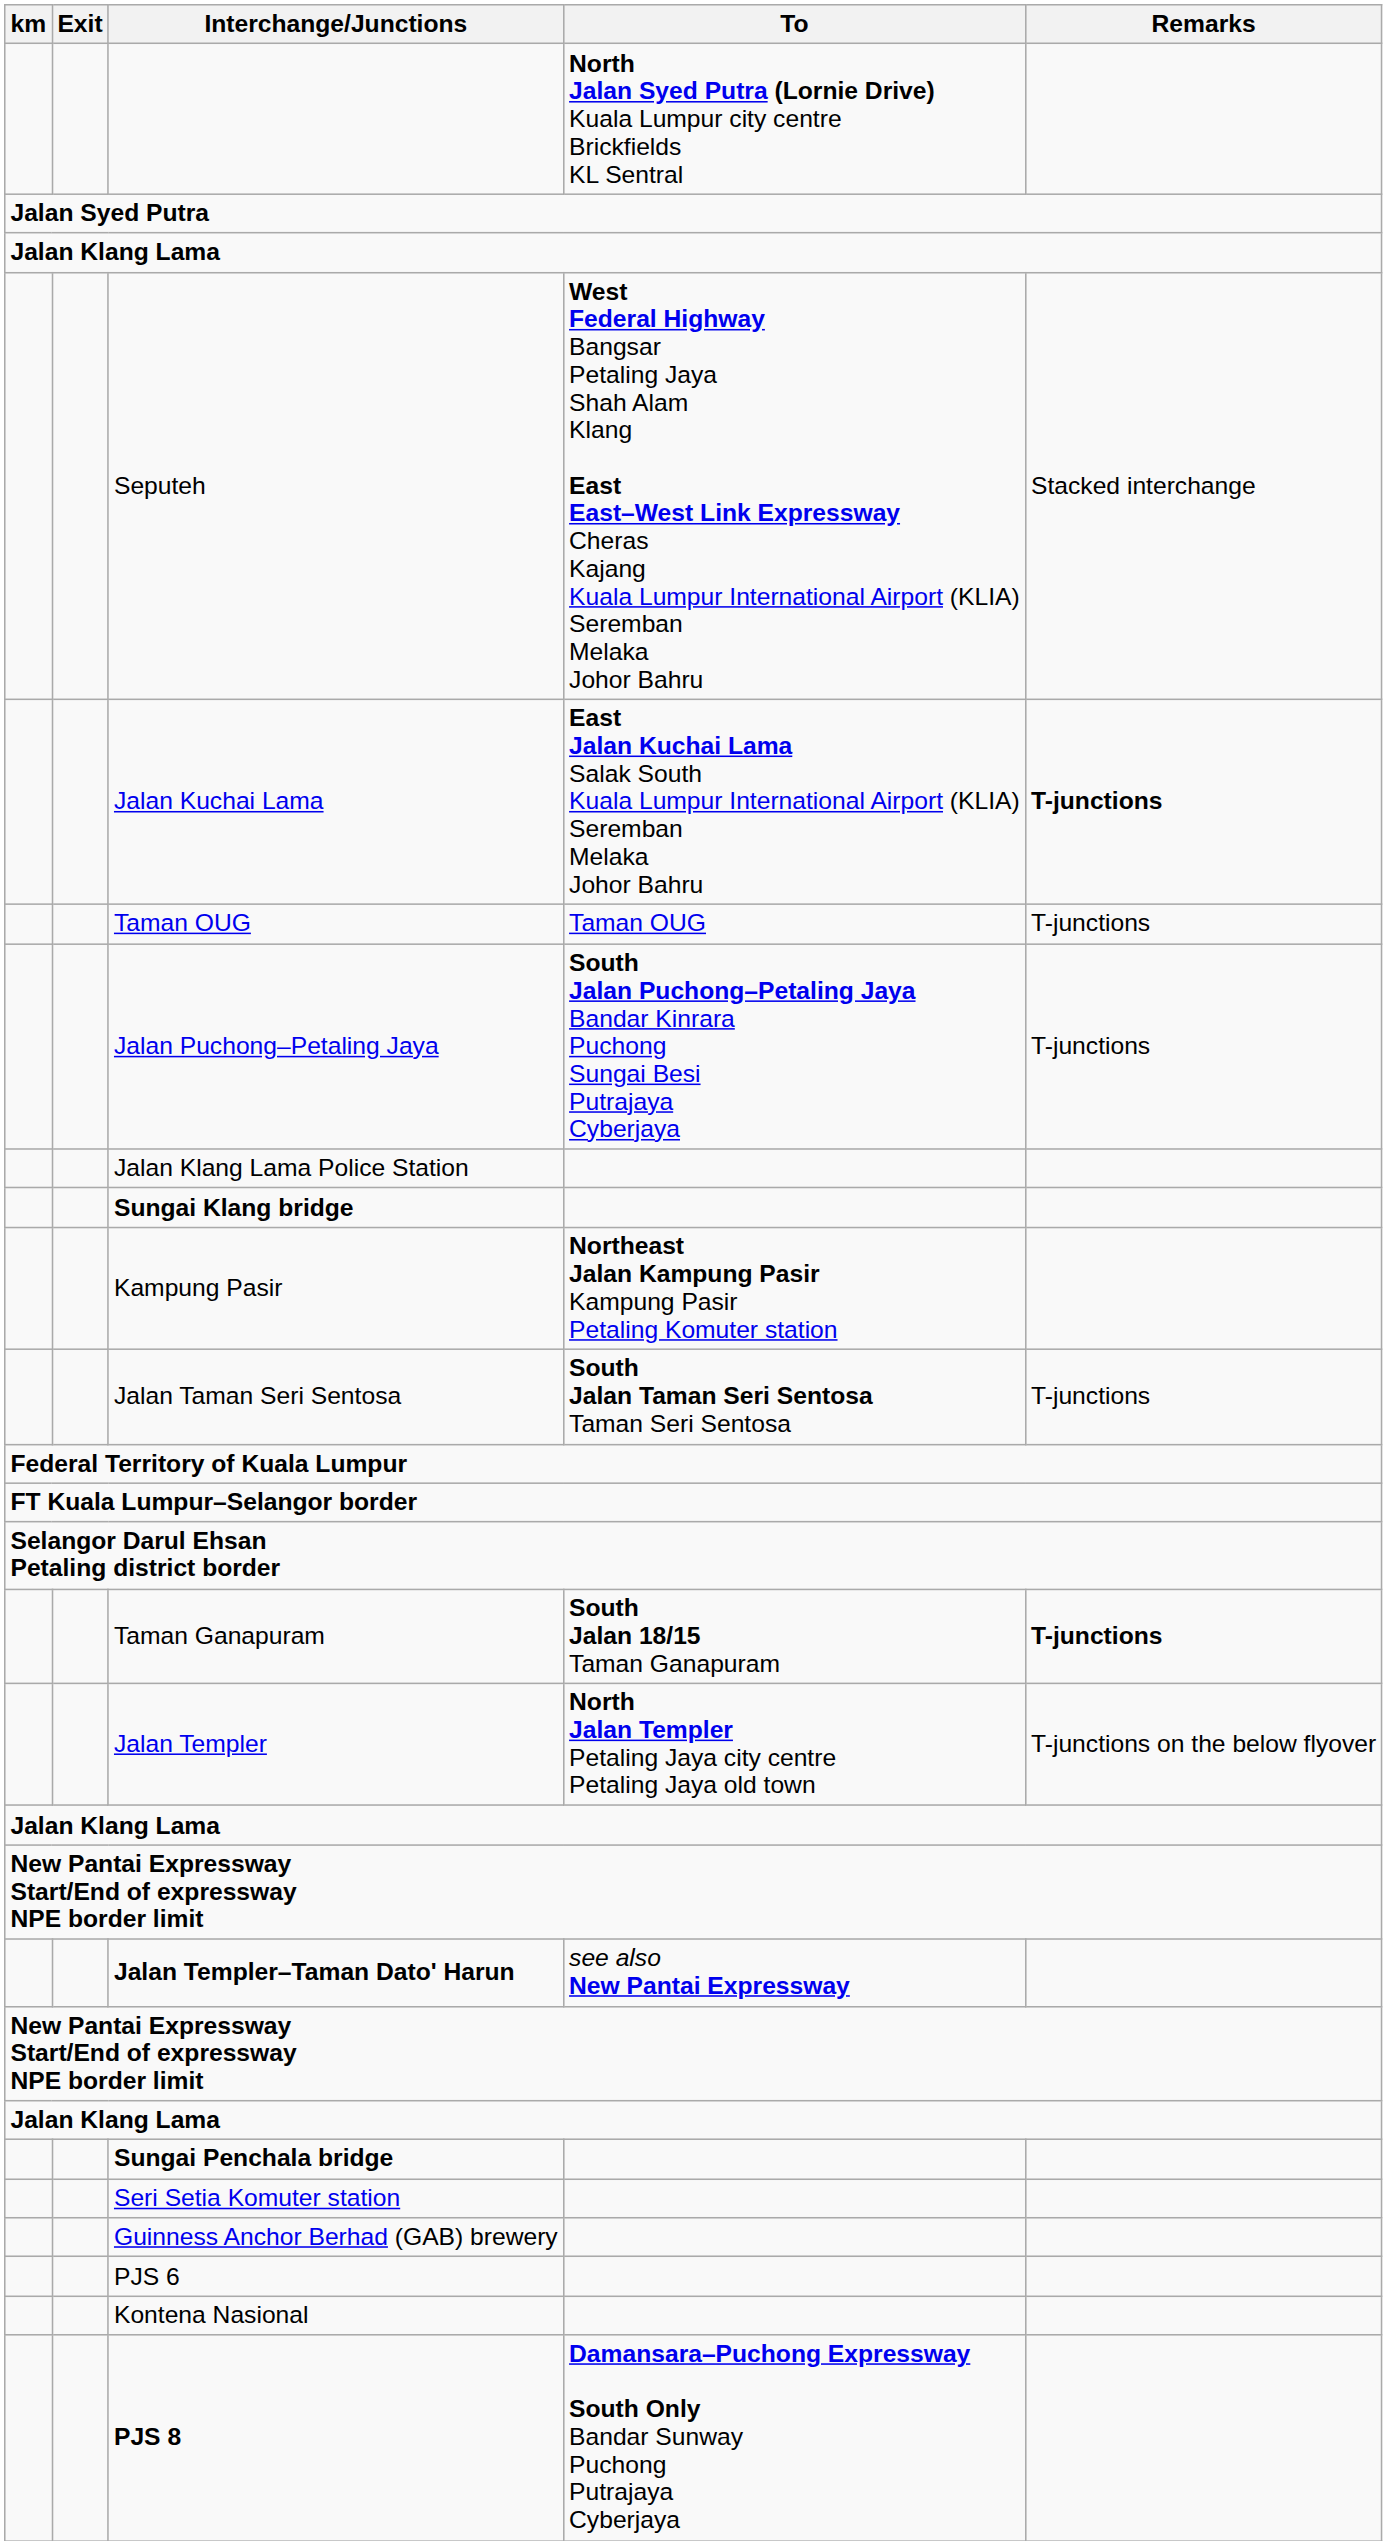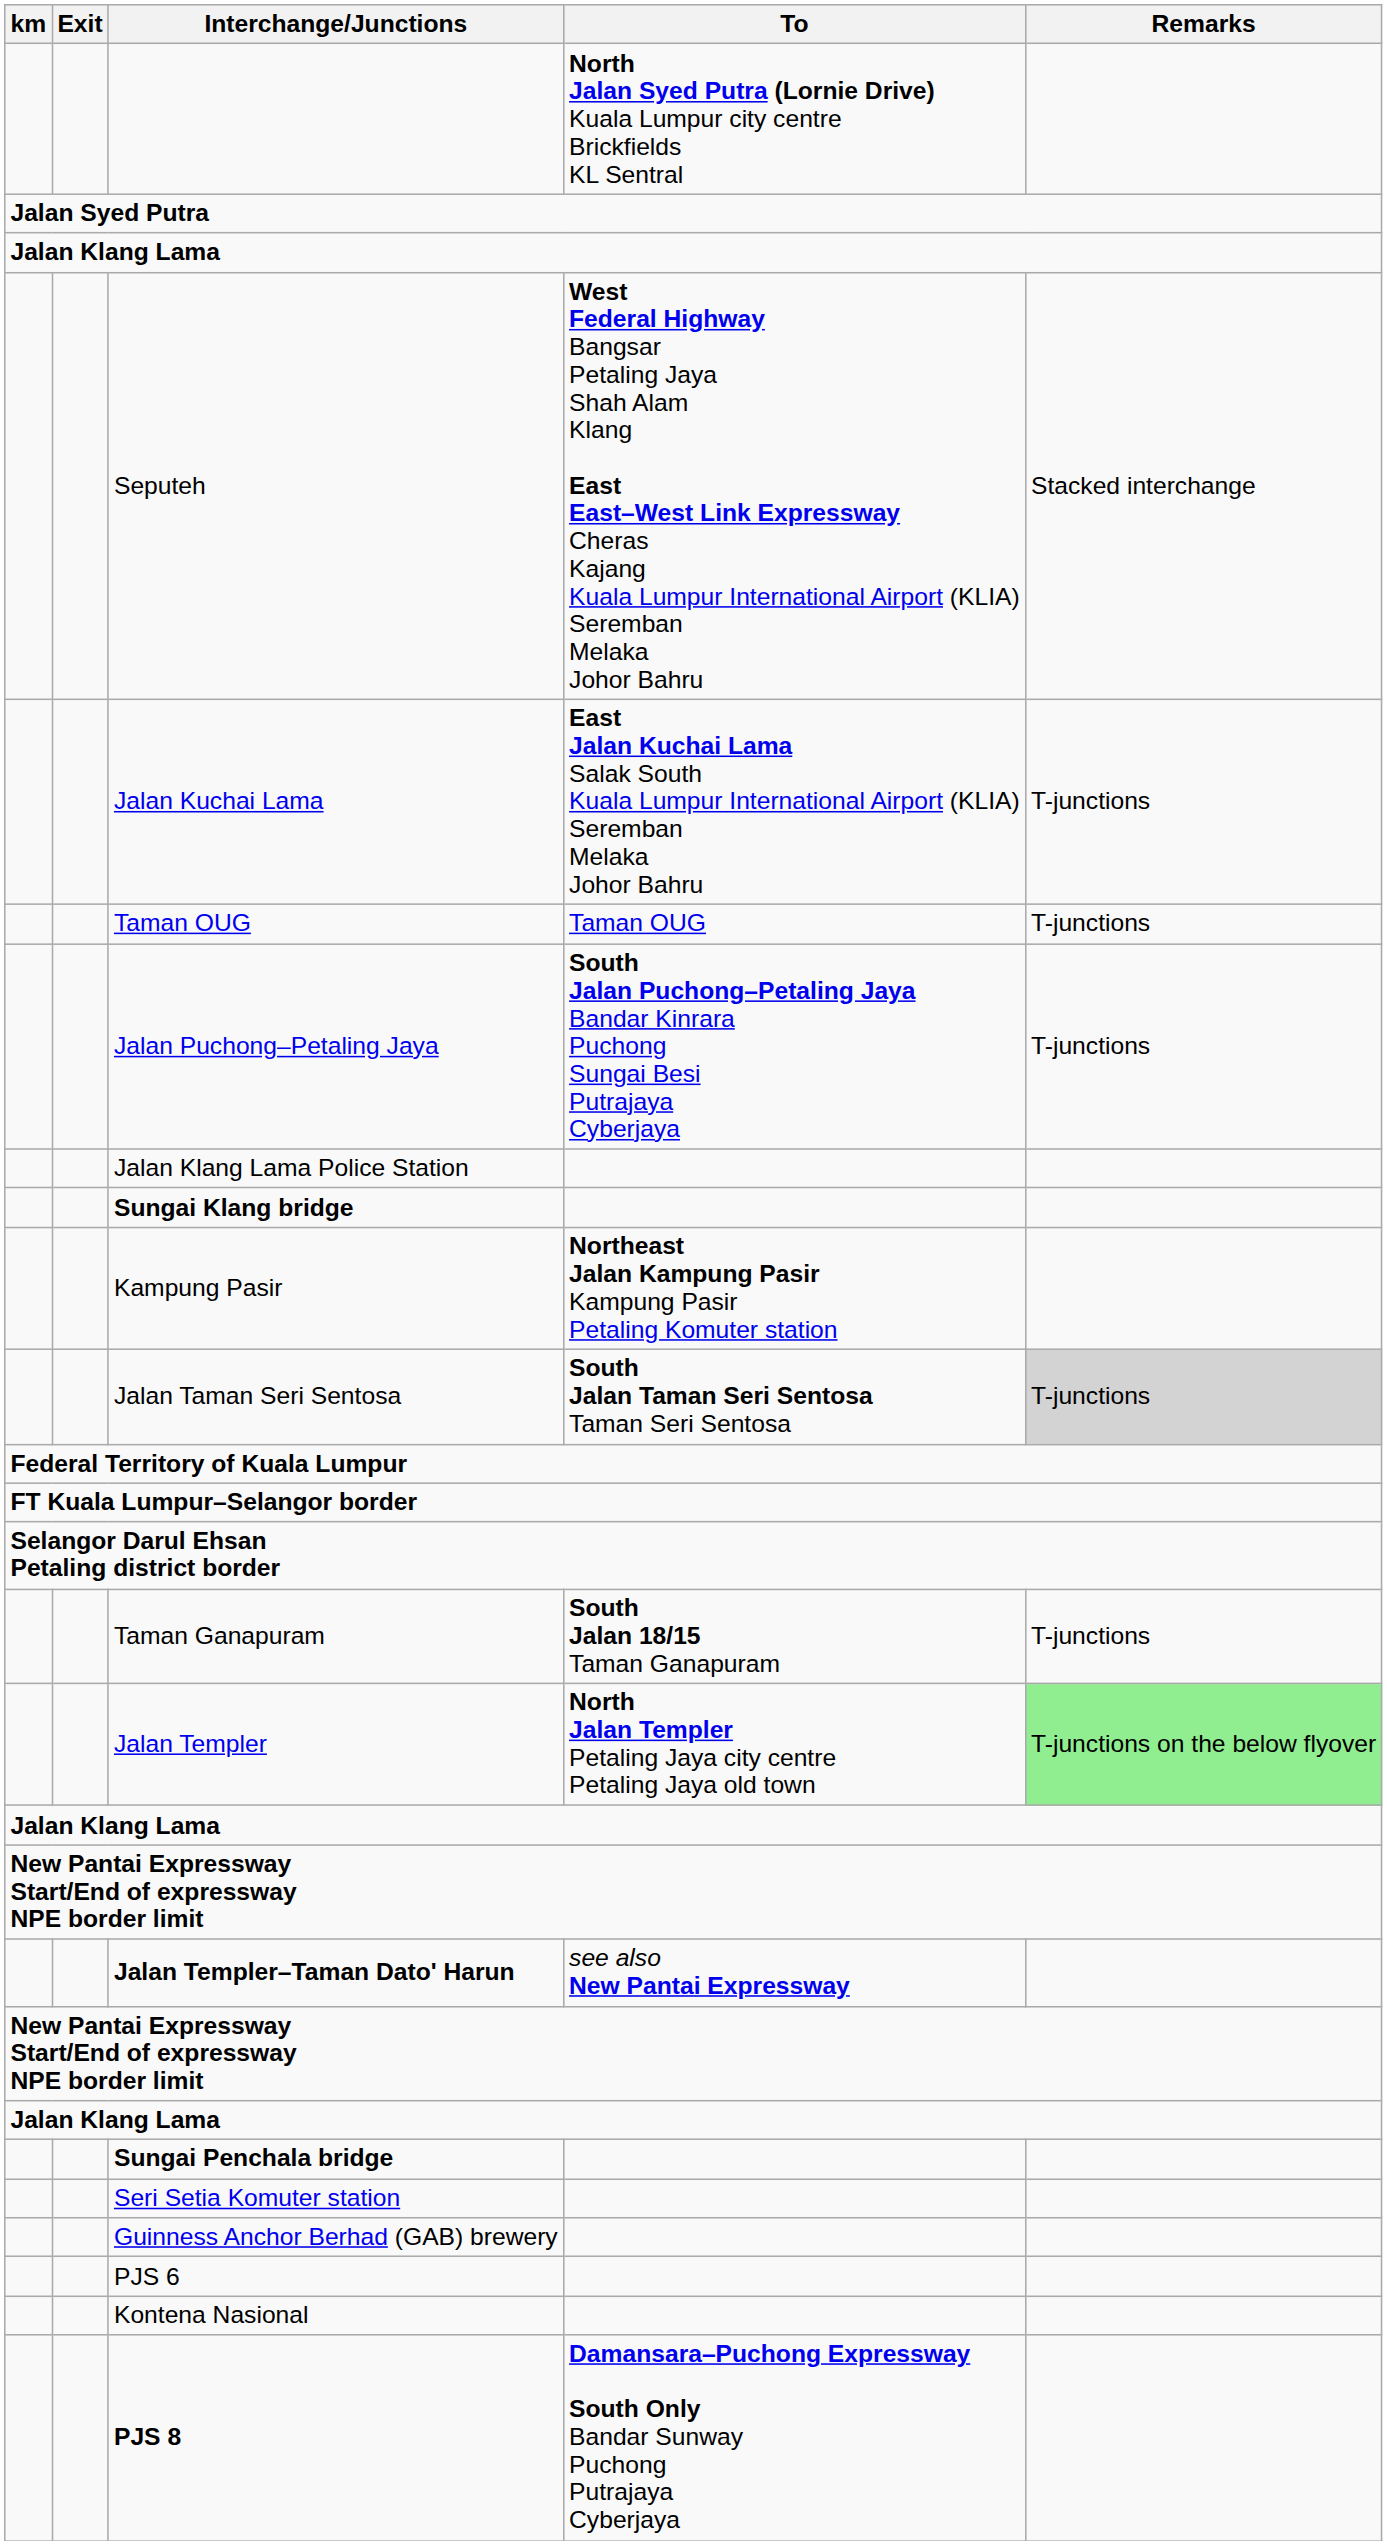 <table class="wikitable">
 <tr>
 <th>km</th>
 <th>Exit</th>
 <th>Interchange/Junctions</th>
 <th>To</th>
 <th>Remarks</th>
 </tr>
 <tr>
 <td></td>
 <td></td>
 <td></td>
 <td><strong>North</strong><br> <strong><a href='#'>Jalan Syed Putra</a> (Lornie Drive)</strong><br>Kuala Lumpur city centre<br>Brickfields<br>KL Sentral</td>
 <td></td>
 </tr>
 <tr>
 <td style="width:600px" colspan="6" style="text-align:center; background:blue;"><strong><span> Jalan Syed Putra</span></strong></td>
 </tr>
 <tr>
 <td style="width:600px" colspan="6" style="text-align:center; background:blue;"><strong><span> Jalan Klang Lama</span></strong></td>
 </tr>
 <tr>
 <td></td>
 <td></td>
 <td>Seputeh</td>
 <td><strong>West</strong><br> <strong><a href='#'>Federal Highway</a></strong><br>Bangsar<br>Petaling Jaya<br>Shah Alam<br>Klang<br><br><strong>East</strong><br> <strong><a href='#'>East–West Link Expressway</a></strong><br> Cheras<br> Kajang<br>  <a href='#'>Kuala Lumpur International Airport</a> (KLIA) <br>  Seremban<br>  Melaka<br>  Johor Bahru</td>
 <td>Stacked interchange</td>
 </tr>
 <tr>
 <td></td>
 <td></td>
 <td><a href='#'>Jalan Kuchai Lama</a></td>
 <td><strong>East</strong><br><strong><a href='#'>Jalan Kuchai Lama</a></strong><br>Salak South<br>  <a href='#'>Kuala Lumpur International Airport</a> (KLIA) <br>  Seremban<br>  Melaka<br>  Johor Bahru</td>
-<td><strong>T-junctions</strong></td>
+<td>T-junctions</td>
 </tr>
 <tr>
 <td></td>
 <td></td>
 <td><a href='#'>Taman OUG</a></td>
 <td><a href='#'>Taman OUG</a></td>
 <td>T-junctions</td>
 </tr>
 <tr>
 <td></td>
 <td></td>
 <td><a href='#'>Jalan Puchong–Petaling Jaya</a></td>
 <td><strong>South</strong><br> <strong><a href='#'>Jalan Puchong–Petaling Jaya</a></strong><br><a href='#'>Bandar Kinrara</a><br><a href='#'>Puchong</a><br> <a href='#'>Sungai Besi</a><br> <a href='#'>Putrajaya</a><br> <a href='#'>Cyberjaya</a></td>
 <td>T-junctions</td>
 </tr>
 <tr>
 <td></td>
 <td></td>
 <td>Jalan Klang Lama Police Station</td>
 <td></td>
 <td></td>
 </tr>
 <tr>
 <td></td>
 <td></td>
 <td><strong>Sungai Klang bridge</strong></td>
 <td></td>
 <td></td>
 </tr>
 <tr>
 <td></td>
 <td></td>
 <td>Kampung Pasir</td>
 <td><strong>Northeast</strong><br><strong>Jalan Kampung Pasir</strong><br>Kampung Pasir<br> <a href='#'>Petaling Komuter station</a></td>
 <td></td>
 </tr>
 <tr>
 <td></td>
 <td></td>
 <td>Jalan Taman Seri Sentosa</td>
 <td><strong>South</strong><br><strong>Jalan Taman Seri Sentosa</strong><br>Taman Seri Sentosa</td>
-<td>T-junctions</td>
+<td style="background: lightgrey;">T-junctions</td>
 </tr>
 <tr>
 <td style="width:600px" colspan="6" style="text-align:center; background:blue;"><strong><span>Federal Territory of Kuala Lumpur</span></strong></td>
 </tr>
 <tr>
 <td style="width:600px" colspan="6" style="text-align:center; background:yellow;"><strong><span>FT Kuala Lumpur–Selangor border</span></strong></td>
 </tr>
 <tr>
 <td style="width:600px" colspan="6" style="text-align:center; background:blue;"><strong><span>Selangor Darul Ehsan<br>Petaling district border</span></strong></td>
 </tr>
 <tr>
 <td></td>
 <td></td>
 <td>Taman Ganapuram</td>
 <td><strong>South</strong><br><strong>Jalan 18/15</strong><br>Taman Ganapuram</td>
-<td><strong>T-junctions</strong></td>
+<td>T-junctions</td>
 </tr>
 <tr>
 <td></td>
 <td></td>
 <td><a href='#'>Jalan Templer</a></td>
 <td><strong>North</strong><br><strong><a href='#'>Jalan Templer</a></strong><br>Petaling Jaya city centre<br>Petaling Jaya old town</td>
-<td>T-junctions on the below flyover</td>
+<td style="background: lightgreen;">T-junctions on the below flyover</td>
 </tr>
 <tr>
 <td style="width:600px" colspan="6" style="text-align:center; background:blue;"><strong><span> Jalan Klang Lama</span></strong></td>
 </tr>
 <tr>
 <td style="width:600px" colspan="6" style="text-align:center; background:green;"><strong><span> New Pantai Expressway<br>Start/End of expressway<br>NPE border limit</span></strong></td>
 </tr>
 <tr>
 <td></td>
 <td></td>
 <td><strong>Jalan Templer–Taman Dato' Harun</strong></td>
 <td><em>see also</em><br> <strong><a href='#'>New Pantai Expressway</a></strong></td>
 <td></td>
 </tr>
 <tr>
 <td style="width:600px" colspan="6" style="text-align:center; background:green;"><strong><span> New Pantai Expressway<br>Start/End of expressway<br>NPE border limit</span></strong></td>
 </tr>
 <tr>
 <td style="width:600px" colspan="6" style="text-align:center; background:blue;"><strong><span> Jalan Klang Lama</span></strong></td>
 </tr>
 <tr>
 <td></td>
 <td></td>
 <td><strong>Sungai Penchala bridge</strong></td>
 <td></td>
 <td></td>
 </tr>
 <tr>
 <td></td>
 <td></td>
 <td> <a href='#'>Seri Setia Komuter station</a></td>
 <td></td>
 <td></td>
 </tr>
 <tr>
 <td></td>
 <td></td>
 <td><a href='#'>Guinness Anchor Berhad</a> (GAB) brewery</td>
 <td></td>
 <td></td>
 </tr>
 <tr>
 <td></td>
 <td></td>
 <td>PJS 6</td>
 <td></td>
 <td></td>
 </tr>
 <tr>
 <td></td>
 <td></td>
 <td>Kontena Nasional</td>
 <td></td>
 <td></td>
 </tr>
 <tr>
 <td></td>
 <td></td>
 <td><strong>PJS 8</strong></td>
 <td> <strong><a href='#'>Damansara–Puchong Expressway</a></strong><br><br><strong>South Only</strong><br>Bandar Sunway<br>Puchong<br>Putrajaya<br>Cyberjaya</td>
 <td></td>
 </tr>
 </table>
